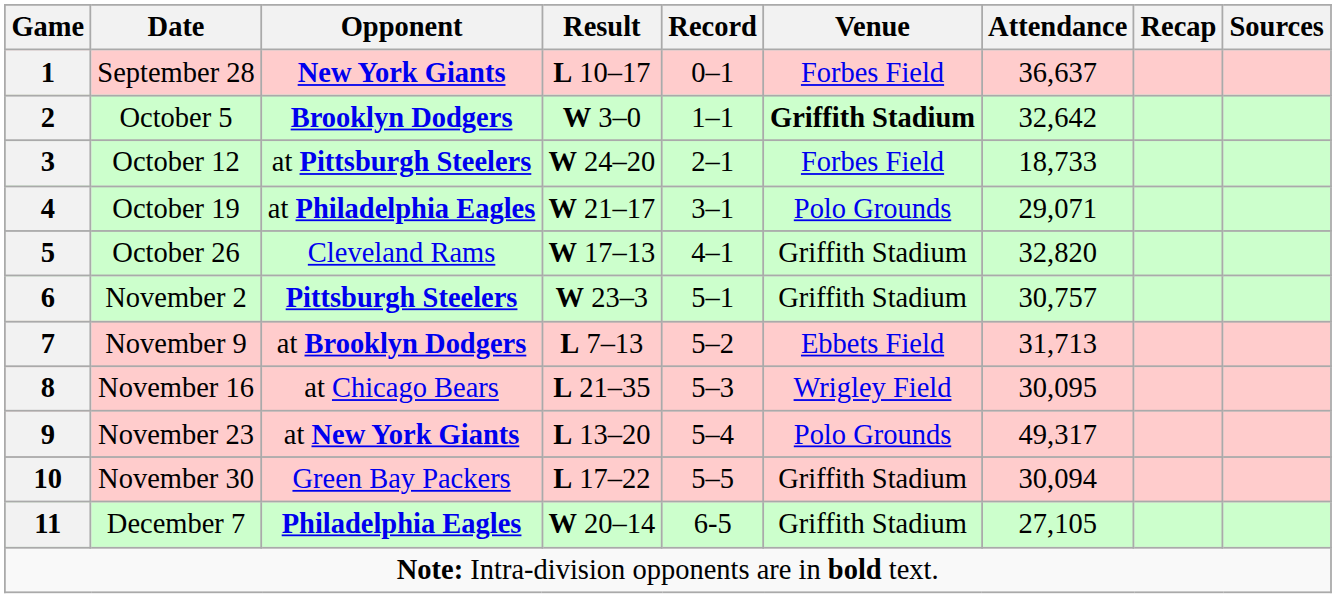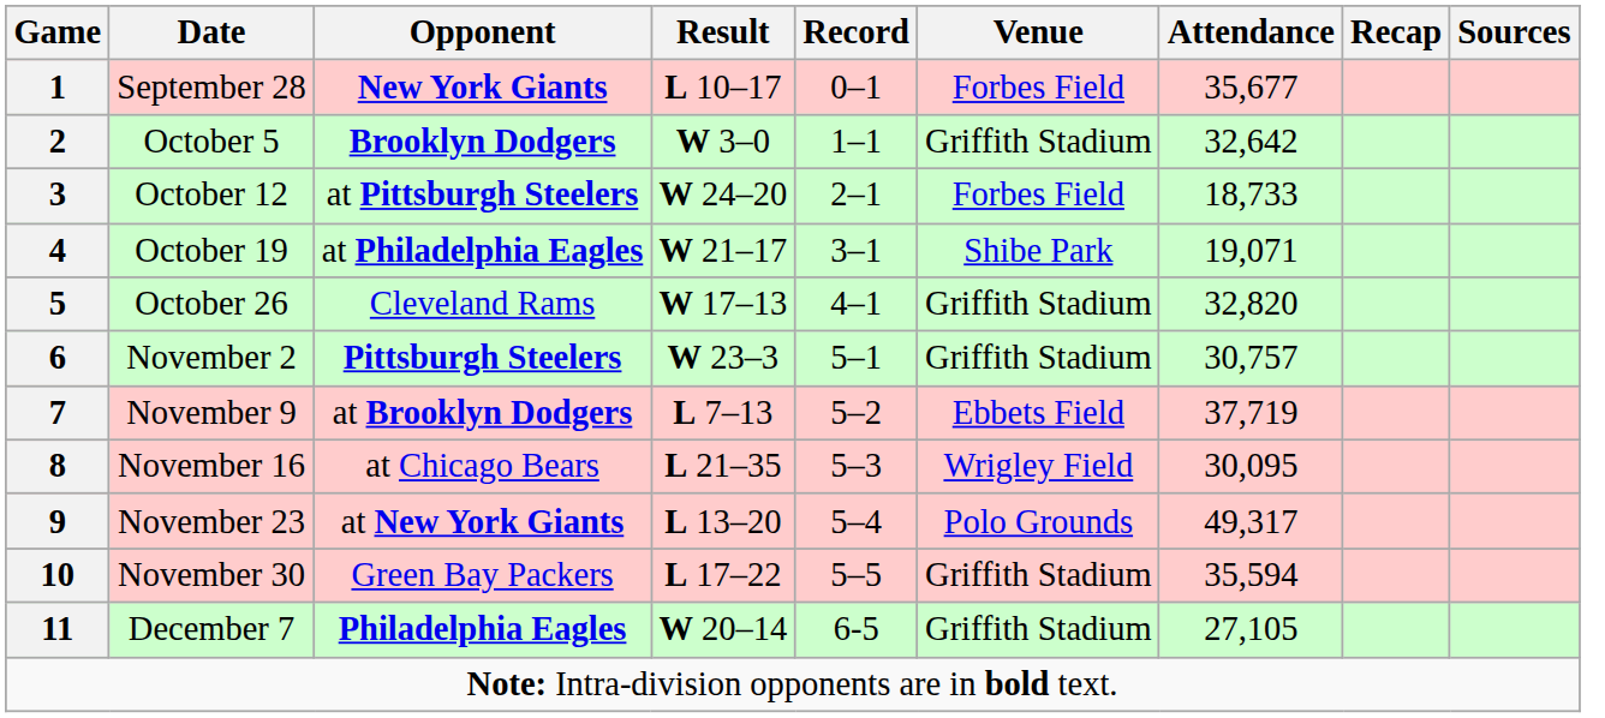 <table class="wikitable" style="text-align:center">
 <tr>
 <th>Game</th>
 <th>Date</th>
 <th>Opponent</th>
 <th>Result</th>
 <th>Record</th>
 <th>Venue</th>
 <th>Attendance</th>
 <th>Recap</th>
 <th>Sources</th>
 </tr>
 <tr style="background:#fcc">
 <th>1</th>
 <td>September 28</td>
 <td><strong><a href='#'>New York Giants</a></strong></td>
 <td><strong>L</strong> 10–17</td>
 <td>0–1</td>
 <td><a href='#'>Forbes Field</a></td>
-<td>36,637</td>
+<td>35,677</td>
 <td></td>
 <td></td>
 </tr>
 <tr style="background:#cfc">
 <th>2</th>
 <td>October 5</td>
 <td><strong><a href='#'>Brooklyn Dodgers</a></strong></td>
 <td><strong>W</strong> 3–0</td>
 <td>1–1</td>
-<td><strong>Griffith Stadium</strong></td>
+<td>Griffith Stadium</td>
 <td>32,642</td>
 <td></td>
 <td></td>
 </tr>
 <tr style="background:#cfc">
 <th>3</th>
 <td>October 12</td>
 <td>at <strong><a href='#'>Pittsburgh Steelers</a></strong></td>
 <td><strong>W</strong> 24–20</td>
 <td>2–1</td>
 <td><a href='#'>Forbes Field</a></td>
 <td>18,733</td>
 <td></td>
 <td></td>
 </tr>
 <tr style="background:#cfc">
 <th>4</th>
 <td>October 19</td>
 <td>at <strong><a href='#'>Philadelphia Eagles</a></strong></td>
 <td><strong>W</strong> 21–17</td>
 <td>3–1</td>
-<td><a href='#'>Polo Grounds</a></td>
-<td>29,071</td>
+<td><a href='#'>Shibe Park</a></td>
+<td>19,071</td>
 <td></td>
 <td></td>
 </tr>
 <tr style="background:#cfc">
 <th>5</th>
 <td>October 26</td>
 <td><a href='#'>Cleveland Rams</a></td>
 <td><strong>W</strong> 17–13</td>
 <td>4–1</td>
 <td>Griffith Stadium</td>
 <td>32,820</td>
 <td></td>
 <td></td>
 </tr>
 <tr style="background:#cfc">
 <th>6</th>
 <td>November 2</td>
 <td><strong><a href='#'>Pittsburgh Steelers</a></strong></td>
 <td><strong>W</strong> 23–3</td>
 <td>5–1</td>
 <td>Griffith Stadium</td>
 <td>30,757</td>
 <td></td>
 <td></td>
 </tr>
 <tr style="background:#fcc">
 <th>7</th>
 <td>November 9</td>
 <td>at <strong><a href='#'>Brooklyn Dodgers</a></strong></td>
 <td><strong>L</strong> 7–13</td>
 <td>5–2</td>
 <td><a href='#'>Ebbets Field</a></td>
-<td>31,713</td>
+<td>37,719</td>
 <td></td>
 <td></td>
 </tr>
 <tr style="background:#fcc">
 <th>8</th>
 <td>November 16</td>
 <td>at <a href='#'>Chicago Bears</a></td>
 <td><strong>L</strong> 21–35</td>
 <td>5–3</td>
 <td><a href='#'>Wrigley Field</a></td>
 <td>30,095</td>
 <td></td>
 <td></td>
 </tr>
 <tr style="background:#fcc">
 <th>9</th>
 <td>November 23</td>
 <td>at <strong><a href='#'>New York Giants</a></strong></td>
 <td><strong>L</strong> 13–20</td>
 <td>5–4</td>
 <td><a href='#'>Polo Grounds</a></td>
 <td>49,317</td>
 <td></td>
 <td></td>
 </tr>
 <tr style="background:#fcc">
 <th>10</th>
 <td>November 30</td>
 <td><a href='#'>Green Bay Packers</a></td>
 <td><strong>L</strong> 17–22</td>
 <td>5–5</td>
 <td>Griffith Stadium</td>
-<td>30,094</td>
+<td>35,594</td>
 <td></td>
 <td></td>
 </tr>
 <tr style="background:#cfc">
 <th>11</th>
 <td>December 7</td>
 <td><strong><a href='#'>Philadelphia Eagles</a></strong></td>
 <td><strong>W</strong> 20–14</td>
 <td>6-5</td>
 <td>Griffith Stadium</td>
 <td>27,105</td>
 <td></td>
 <td></td>
 </tr>
 <tr>
 <td colspan="10"><strong>Note:</strong> Intra-division opponents are in <strong>bold</strong> text.</td>
 </tr>
 </table>
